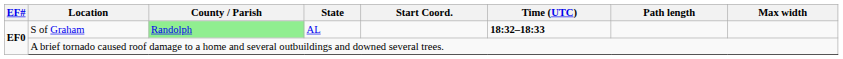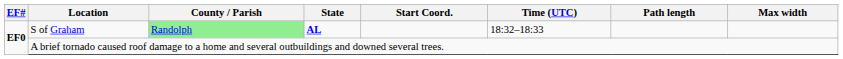 <table class="wikitable sortable" style="width:100%;">
 <tr>
 <th scope="col" width="2%" align="center"><a href='#'>EF#</a></th>
 <th scope="col" align="center" class="unsortable">Location</th>
 <th scope="col" align="center" class="unsortable">County / Parish</th>
 <th scope="col" align="center">State</th>
 <th scope="col" align="center" data-sort-type="number">Start Coord.</th>
 <th scope="col" align="center" data-sort-type="number">Time (<a href='#'>UTC</a>)</th>
 <th scope="col" align="center" data-sort-type="number">Path length</th>
 <th scope="col" align="center" data-sort-type="number">Max width</th>
 </tr>
 <tr>
 <td rowspan="2" align="center"><strong>EF0</strong></td>
 <td>S of <a href='#'>Graham</a></td>
 <td style="background: lightgreen;"><a href='#'>Randolph</a></td>
-<td><a href='#'>AL</a></td>
+<td><strong><a href='#'>AL</a></strong></td>
 <td></td>
-<td><strong>18:32–18:33</strong></td>
+<td>18:32–18:33</td>
 <td></td>
 <td></td>
 </tr>
 <tr class="expand-child">
 <td colspan="7" style=" border-bottom: 1px solid black;">A brief tornado caused roof damage to a home and several outbuildings and downed several trees.</td>
 </tr>
 </table>
